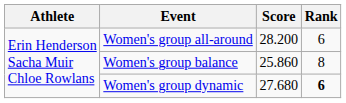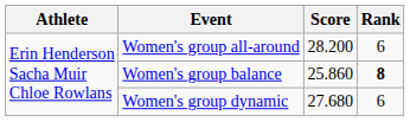 <table class=wikitable style=font-size:90%;text-align:center>
 <tr>
 <th>Athlete</th>
 <th>Event</th>
 <th>Score</th>
 <th>Rank</th>
 </tr>
 <tr>
 <td rowspan=3 align=left><a href='#'>Erin Henderson</a><br><a href='#'>Sacha Muir</a><br><a href='#'>Chloe Rowlans</a></td>
 <td align=left><a href='#'>Women's group all-around</a></td>
 <td>28.200</td>
 <td>6</td>
 </tr>
 <tr>
 <td align=left><a href='#'>Women's group balance</a></td>
 <td>25.860</td>
-<td>8</td>
+<td><strong>8</strong></td>
 </tr>
 <tr>
 <td align=left><a href='#'>Women's group dynamic</a></td>
 <td>27.680</td>
-<td><strong>6</strong></td>
+<td>6</td>
 </tr>
 </table>
